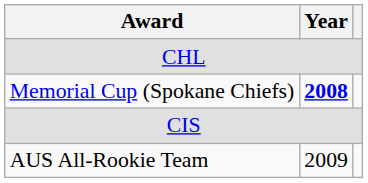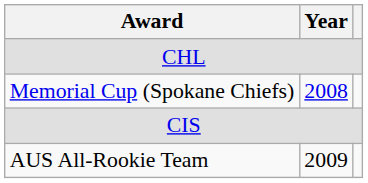 <table class="wikitable">
 <tr>
 <th>Award</th>
 <th>Year</th>
 <th></th>
 </tr>
 <tr ALIGN="center" bgcolor="#e0e0e0">
 <td colspan="3"><a href='#'>CHL</a></td>
 </tr>
 <tr>
 <td><a href='#'>Memorial Cup</a> (Spokane Chiefs)</td>
-<td><strong><a href='#'>2008</a></strong></td>
+<td><a href='#'>2008</a></td>
 <td></td>
 </tr>
 <tr ALIGN="center" bgcolor="#e0e0e0">
 <td colspan="3"><a href='#'>CIS</a></td>
 </tr>
 <tr>
 <td>AUS All-Rookie Team</td>
 <td>2009</td>
 <td></td>
 </tr>
 </table>
